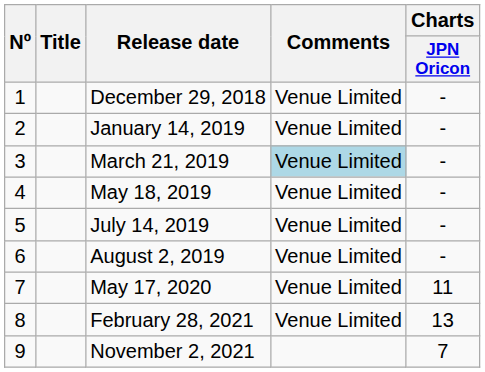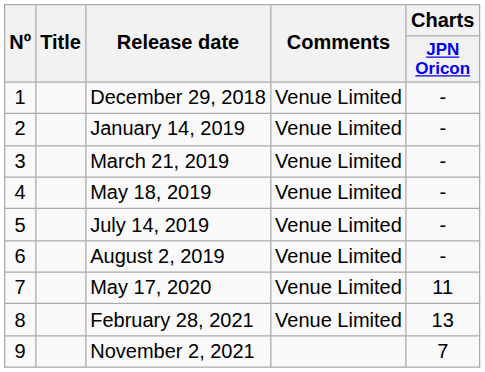 <table class="wikitable">
 <tr>
 <th rowspan="2">Nº</th>
 <th rowspan="2">Title</th>
 <th rowspan="2">Release date</th>
 <th rowspan="2">Comments</th>
 <th colspan="1">Charts</th>
 </tr>
 <tr>
 <th style="width:3em;font-size:85%;"><a href='#'>JPN<br>Oricon</a><br></th>
 </tr>
 <tr>
 <td align="center">1</td>
 <td></td>
 <td>December 29, 2018</td>
 <td>Venue Limited</td>
 <td style="text-align:center;">-</td>
 </tr>
 <tr>
 <td align="center">2</td>
 <td></td>
 <td>January 14, 2019</td>
 <td>Venue Limited</td>
 <td style="text-align:center;">-</td>
 </tr>
 <tr>
 <td align="center">3</td>
 <td></td>
 <td>March 21, 2019</td>
-<td style="background: lightblue;">Venue Limited</td>
+<td>Venue Limited</td>
 <td style="text-align:center;">-</td>
 </tr>
 <tr>
 <td align="center">4</td>
 <td></td>
 <td>May 18, 2019</td>
 <td>Venue Limited</td>
 <td style="text-align:center;">-</td>
 </tr>
 <tr>
 <td align="center">5</td>
 <td></td>
 <td>July 14, 2019</td>
 <td>Venue Limited</td>
 <td style="text-align:center;">-</td>
 </tr>
 <tr>
 <td align="center">6</td>
 <td></td>
 <td>August 2, 2019</td>
 <td>Venue Limited</td>
 <td style="text-align:center;">-</td>
 </tr>
 <tr>
 <td align="center">7</td>
 <td></td>
 <td>May 17, 2020</td>
 <td>Venue Limited</td>
 <td style="text-align:center;">11</td>
 </tr>
 <tr>
 <td align="center">8</td>
 <td></td>
 <td>February 28, 2021</td>
 <td>Venue Limited</td>
 <td style="text-align:center;">13</td>
 </tr>
 <tr>
 <td align="center">9</td>
 <td></td>
 <td>November 2, 2021</td>
 <td></td>
 <td style="text-align:center;">7</td>
 </tr>
 </table>
